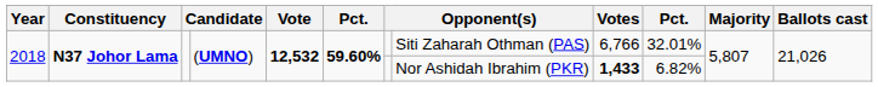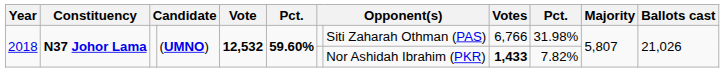 <table class="wikitable" style="margin:0.5em ; font-size:95%">
 <tr>
 <th>Year</th>
 <th>Constituency</th>
 <th colspan="2">Candidate</th>
 <th>Vote</th>
 <th>Pct.</th>
 <th colspan="2">Opponent(s)</th>
 <th>Votes</th>
 <th>Pct.</th>
 <th>Majority</th>
 <th>Ballots cast</th>
 </tr>
 <tr>
 <td rowspan="2"><a href='#'>2018</a></td>
 <td rowspan="2"><strong>N37 <a href='#'>Johor Lama</a></strong></td>
 <td rowspan="2" ></td>
 <td rowspan="2"> (<strong><a href='#'>UMNO</a></strong>)</td>
 <td rowspan="2" align="right"><strong>12,532</strong></td>
 <td rowspan="2"><strong>59.60%</strong></td>
 <td></td>
 <td>Siti Zaharah Othman (<a href='#'>PAS</a>)</td>
 <td align="right">6,766</td>
-<td>32.01%</td>
+<td>31.98%</td>
 <td rowspan="2">5,807</td>
 <td rowspan="2">21,026</td>
 </tr>
 <tr>
 <td></td>
 <td>Nor Ashidah Ibrahim (<a href='#'>PKR</a>)</td>
 <td align="right"><strong>1,433</strong></td>
-<td align=right>6.82%</td>
+<td align=right>7.82%</td>
 </tr>
 </table>
